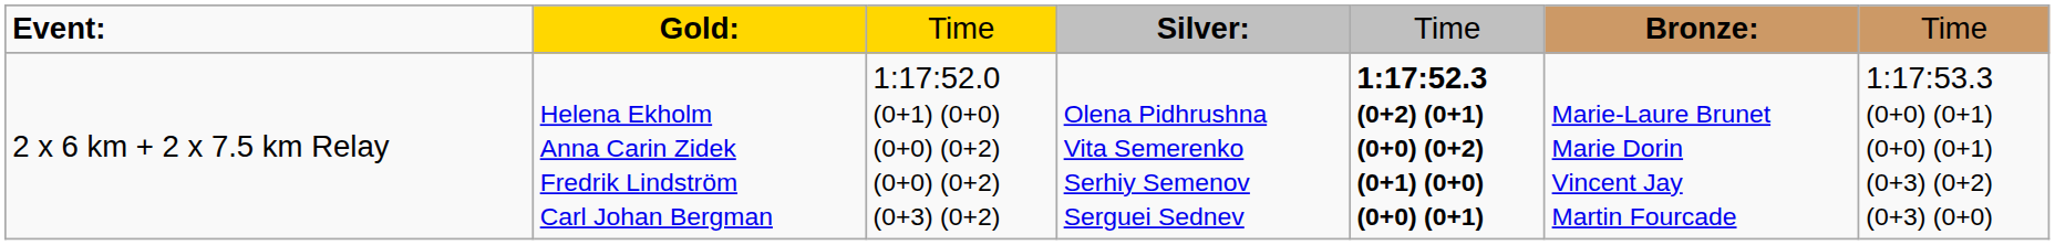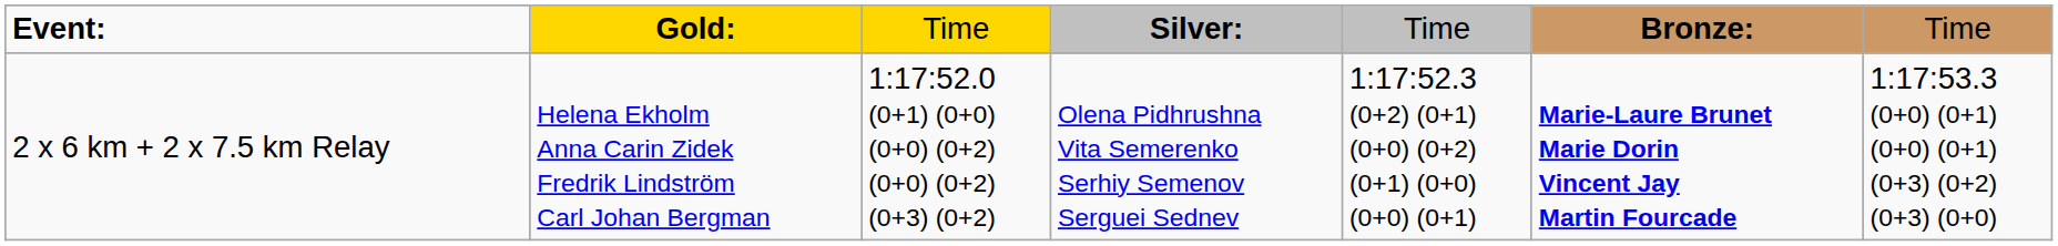 <table class="wikitable" border="1" style="width:85%;">
 <tr>
 <td><strong>Event:</strong></td>
 <td style="text-align:center;background-color:gold;"><strong>Gold:</strong></td>
 <td style="text-align:center;background-color:gold;">Time</td>
 <td style="text-align:center;background-color:silver;"><strong>Silver:</strong></td>
 <td style="text-align:center;background-color:silver;">Time</td>
 <td style="text-align:center;background-color:#CC9966;"><strong>Bronze:</strong></td>
 <td style="text-align:center;background-color:#CC9966;">Time</td>
 </tr>
 <tr>
 <td>2 x 6 km + 2 x 7.5 km Relay<br></td>
 <td><strong></strong>  <br><small><a href='#'>Helena Ekholm</a><br><a href='#'>Anna Carin Zidek</a><br><a href='#'>Fredrik Lindström</a><br><a href='#'>Carl Johan Bergman</a></small></td>
 <td>1:17:52.0<br><small>(0+1) (0+0)<br>(0+0) (0+2)<br>(0+0) (0+2)<br>(0+3) (0+2)</small></td>
 <td>  <br><small><a href='#'>Olena Pidhrushna</a><br><a href='#'>Vita Semerenko</a><br><a href='#'>Serhiy Semenov</a><br><a href='#'>Serguei Sednev</a></small></td>
-<td><strong>1:17:52.3<br><small>(0+2) (0+1)<br>(0+0) (0+2)<br>(0+1) (0+0)<br>(0+0) (0+1)</small></strong></td>
-<td>  <br><small><a href='#'>Marie-Laure Brunet</a><br><a href='#'>Marie Dorin</a><br><a href='#'>Vincent Jay</a><br><a href='#'>Martin Fourcade</a></small></td>
+<td>1:17:52.3<br><small>(0+2) (0+1)<br>(0+0) (0+2)<br>(0+1) (0+0)<br>(0+0) (0+1)</small></td>
+<td><strong>  <br><small><a href='#'>Marie-Laure Brunet</a><br><a href='#'>Marie Dorin</a><br><a href='#'>Vincent Jay</a><br><a href='#'>Martin Fourcade</a></small></strong></td>
 <td>1:17:53.3<br><small>(0+0) (0+1)<br>(0+0) (0+1)<br>(0+3) (0+2)<br>(0+3) (0+0)</small></td>
 </tr>
 </table>
